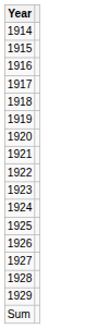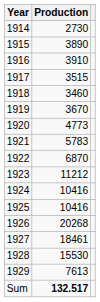 <table class="wikitable sortable">
 <tr>
 <th>Year</th>
+<th>Production</th>
 <th></th>
 </tr>
 <tr>
 <td>1914</td>
+<td align="right">2730</td>
 <td></td>
 </tr>
 <tr>
 <td>1915</td>
+<td align="right">3890</td>
 <td></td>
 </tr>
 <tr>
 <td>1916</td>
+<td align="right">3910</td>
 <td></td>
 </tr>
 <tr>
 <td>1917</td>
+<td align="right">3515</td>
 <td></td>
 </tr>
 <tr>
 <td>1918</td>
+<td align="right">3460</td>
 <td></td>
 </tr>
 <tr>
 <td>1919</td>
+<td align="right">3670</td>
 <td></td>
 </tr>
 <tr>
 <td>1920</td>
+<td align="right">4773</td>
 <td></td>
 </tr>
 <tr>
 <td>1921</td>
+<td align="right">5783</td>
 <td></td>
 </tr>
 <tr>
 <td>1922</td>
+<td align="right">6870</td>
 <td></td>
 </tr>
 <tr>
 <td>1923</td>
+<td align="right">11212</td>
 <td></td>
 </tr>
 <tr>
 <td>1924</td>
+<td align="right">10416</td>
 <td></td>
 </tr>
 <tr>
 <td>1925</td>
+<td align="right">10416</td>
 <td></td>
 </tr>
 <tr>
 <td>1926</td>
+<td align="right">20268</td>
 <td></td>
 </tr>
 <tr>
 <td>1927</td>
+<td align="right">18461</td>
 <td></td>
 </tr>
 <tr>
 <td>1928</td>
+<td align="right">15530</td>
 <td></td>
 </tr>
 <tr>
 <td>1929</td>
+<td align="right">7613</td>
 <td></td>
 </tr>
 <tr>
 <td>Sum</td>
+<td align="right"><strong>132.517 </strong></td>
 <td></td>
 </tr>
 </table>
